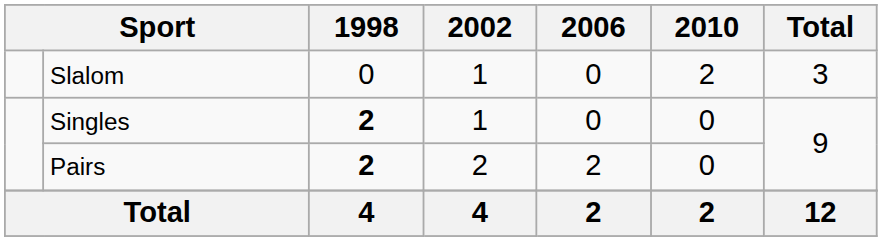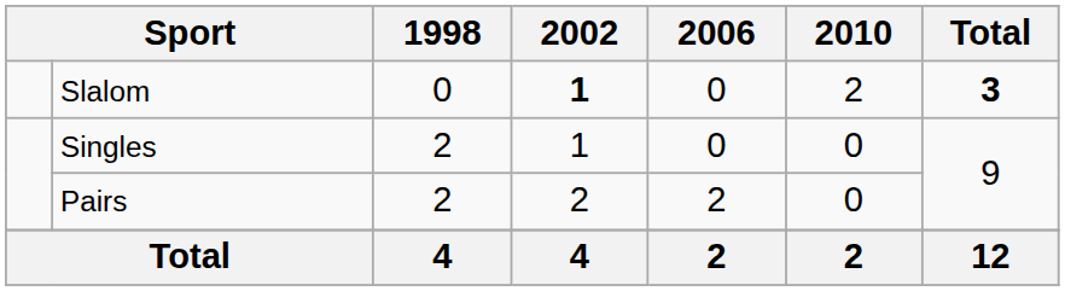 <table class="wikitable sortable" style="text-align:center;">
 <tr>
 <th colspan=2 rowspan=1 width=160>Sport</th>
 <th width=55>1998</th>
 <th width=55>2002</th>
 <th width=55>2006</th>
 <th width=55>2010</th>
 <th width=55>Total</th>
 </tr>
 <tr colspan=2>
 <td align=left></td>
 <td align=left><small>Slalom</small></td>
 <td>0</td>
-<td>1</td>
+<td><strong>1</strong></td>
 <td>0</td>
 <td>2</td>
-<td>3</td>
+<td><strong>3</strong></td>
 </tr>
 <tr>
 <td rowspan=2 align=left></td>
 <td align=left><small>Singles</small></td>
-<td><strong>2</strong></td>
+<td>2</td>
 <td>1</td>
 <td>0</td>
 <td>0</td>
 <td rowspan=2>9</td>
 </tr>
 <tr>
 <td align=left><small>Pairs</small></td>
-<td><strong>2</strong></td>
+<td>2</td>
 <td>2</td>
 <td>2</td>
 <td>0</td>
 </tr>
 <tr>
 </tr>
 <tr class="sortbottom">
 <th colspan=2>Total</th>
 <th>4</th>
 <th>4</th>
 <th>2</th>
 <th>2</th>
 <th>12</th>
 </tr>
 </table>
